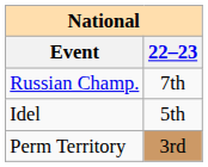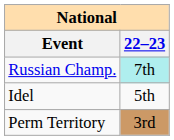 <table class="wikitable" style="text-align:center">
 <tr>
 <th style="background-color: #ffdead; " colspan=2 align=center>National</th>
 </tr>
 <tr>
 <th>Event</th>
 <th><a href='#'>22–23</a></th>
 </tr>
 <tr>
 <td align=left><a href='#'>Russian Champ.</a></td>
-<td>7th</td>
+<td style="background: paleturquoise;">7th</td>
 </tr>
 <tr>
 <td align="left"> Idel</td>
 <td>5th</td>
 </tr>
 <tr>
 <td align="left"> Perm Territory</td>
 <td bgcolor=cc9966>3rd</td>
 </tr>
 </table>
